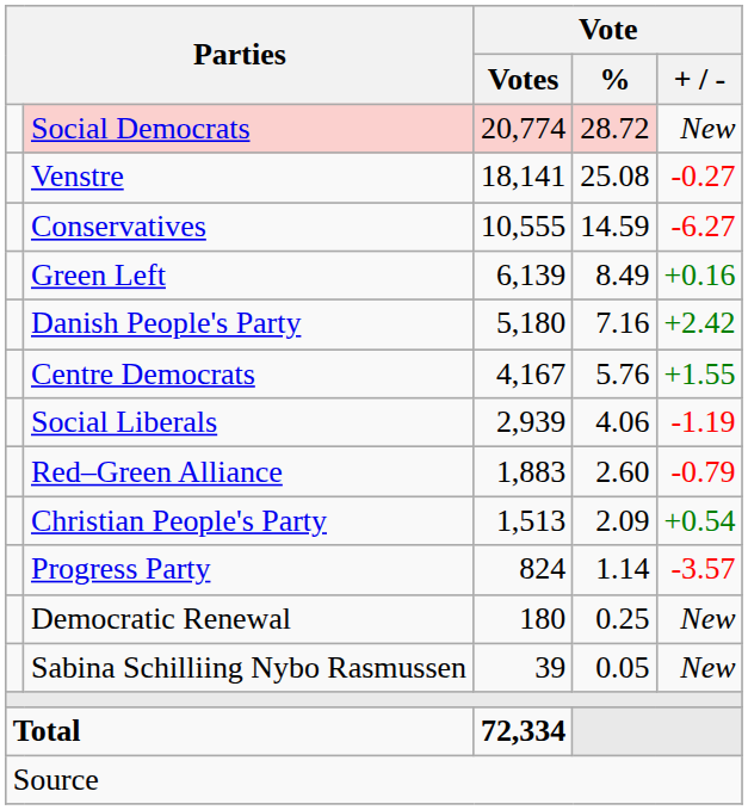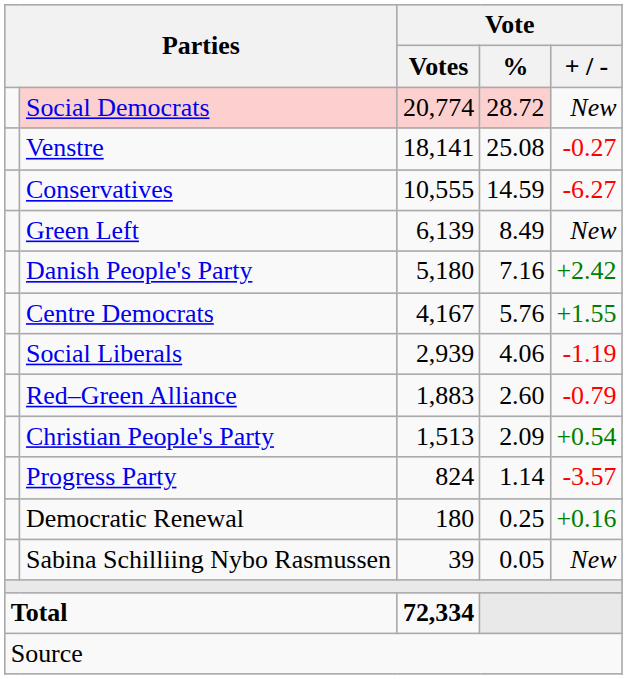 <table class="wikitable" style="text-align:right;">
 <tr>
 <th style="text-align:centre;" rowspan="2" colspan="2" width="225">Parties</th>
 <th colspan="3">Vote</th>
 </tr>
 <tr>
 <th width="15">Votes</th>
 <th width="15">%</th>
 <th width="15">+ / -</th>
 </tr>
 <tr>
 <td width="2" style="color:inherit;background:"></td>
 <td bgcolor=#fbd0ce  align="left"><a href='#'>Social Democrats</a></td>
 <td bgcolor=#fbd0ce>20,774</td>
 <td bgcolor=#fbd0ce>28.72</td>
 <td><em>New</em></td>
 </tr>
 <tr>
 <td width="2" style="color:inherit;background:"></td>
 <td align="left"><a href='#'>Venstre</a></td>
 <td>18,141</td>
 <td>25.08</td>
 <td style=color:red;>-0.27</td>
 </tr>
 <tr>
 <td width="2" style="color:inherit;background:"></td>
 <td align="left"><a href='#'>Conservatives</a></td>
 <td>10,555</td>
 <td>14.59</td>
 <td style=color:red;>-6.27</td>
 </tr>
 <tr>
 <td width="2" style="color:inherit;background:"></td>
 <td align="left"><a href='#'>Green Left</a></td>
 <td>6,139</td>
 <td>8.49</td>
-<td style=color:green;>+0.16</td>
+<td><em>New</em></td>
 </tr>
 <tr>
 <td width="2" style="color:inherit;background:"></td>
 <td align="left"><a href='#'>Danish People's Party</a></td>
 <td>5,180</td>
 <td>7.16</td>
 <td style=color:green;>+2.42</td>
 </tr>
 <tr>
 <td width="2" style="color:inherit;background:"></td>
 <td align="left"><a href='#'>Centre Democrats</a></td>
 <td>4,167</td>
 <td>5.76</td>
 <td style=color:green;>+1.55</td>
 </tr>
 <tr>
 <td width="2" style="color:inherit;background:"></td>
 <td align="left"><a href='#'>Social Liberals</a></td>
 <td>2,939</td>
 <td>4.06</td>
 <td style=color:red;>-1.19</td>
 </tr>
 <tr>
 <td width="2" style="color:inherit;background:"></td>
 <td align="left"><a href='#'>Red–Green Alliance</a></td>
 <td>1,883</td>
 <td>2.60</td>
 <td style=color:red;>-0.79</td>
 </tr>
 <tr>
 <td width="2" style="color:inherit;background:"></td>
 <td align="left"><a href='#'>Christian People's Party</a></td>
 <td>1,513</td>
 <td>2.09</td>
 <td style=color:green;>+0.54</td>
 </tr>
 <tr>
 <td width="2" style="color:inherit;background:"></td>
 <td align="left"><a href='#'>Progress Party</a></td>
 <td>824</td>
 <td>1.14</td>
 <td style=color:red;>-3.57</td>
 </tr>
 <tr>
 <td width="2" style="color:inherit;background:"></td>
 <td align="left">Democratic Renewal</td>
 <td>180</td>
 <td>0.25</td>
-<td><em>New</em></td>
+<td style=color:green;>+0.16</td>
 </tr>
 <tr>
 <td width="2" style="color:inherit;background:"></td>
 <td align="left">Sabina Schilliing Nybo Rasmussen</td>
 <td>39</td>
 <td>0.05</td>
 <td><em>New</em></td>
 </tr>
 <tr>
 <td colspan="7" bgcolor="#E9E9E9"></td>
 </tr>
 <tr>
 <td align="left" colspan="2"><strong>Total</strong></td>
 <td><strong>72,334</strong></td>
 <td bgcolor="#E9E9E9" colspan="2"></td>
 </tr>
 <tr>
 <td align="left" colspan="6">Source</td>
 </tr>
 </table>
